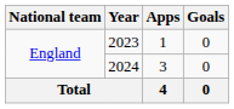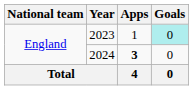 <table class="wikitable" style="text-align: center;">
 <tr>
 <th>National team</th>
 <th>Year</th>
 <th>Apps</th>
 <th>Goals</th>
 </tr>
 <tr>
 <td rowspan="2"><a href='#'>England</a></td>
 <td>2023</td>
 <td>1</td>
-<td>0</td>
+<td style="background: paleturquoise;">0</td>
 </tr>
 <tr>
 <td>2024</td>
-<td>3</td>
+<td><strong>3</strong></td>
 <td>0</td>
 </tr>
 <tr>
 <th colspan="2">Total</th>
 <th>4</th>
 <th>0</th>
 </tr>
 </table>
